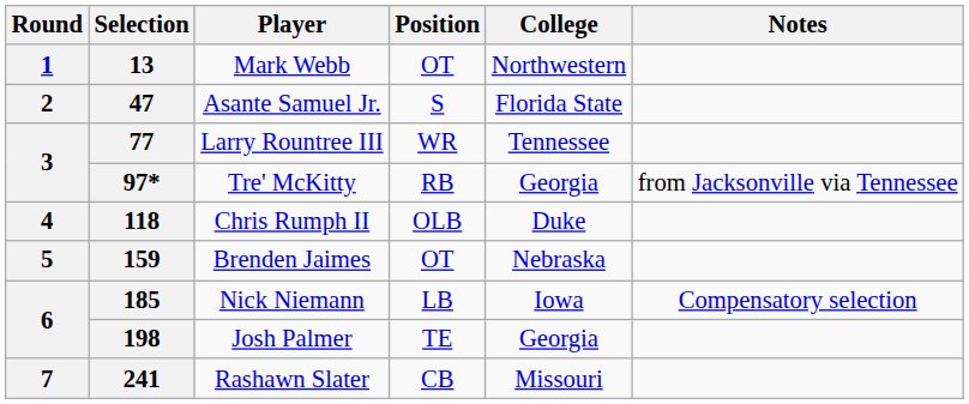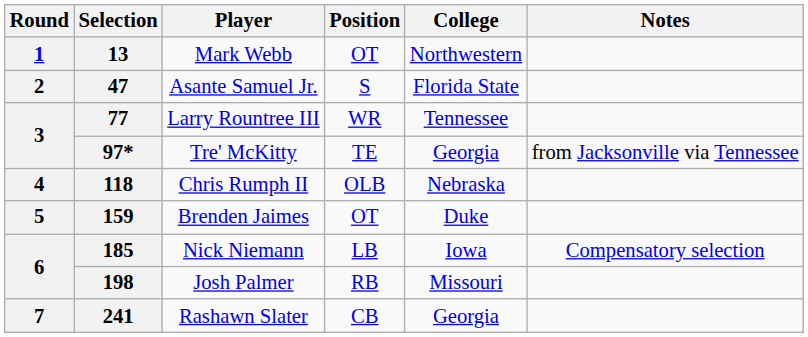 <table class="wikitable" style="text-align:center">
 <tr>
 <th>Round</th>
 <th>Selection</th>
 <th>Player</th>
 <th>Position</th>
 <th>College</th>
 <th>Notes</th>
 </tr>
 <tr>
 <th><a href='#'>1</a></th>
 <th>13</th>
 <td><a href='#'>Mark Webb</a></td>
 <td><a href='#'>OT</a></td>
 <td><a href='#'>Northwestern</a></td>
 <td></td>
 </tr>
 <tr>
 <th>2</th>
 <th>47</th>
 <td><a href='#'>Asante Samuel Jr.</a></td>
 <td><a href='#'>S</a></td>
 <td><a href='#'>Florida State</a></td>
 <td></td>
 </tr>
 <tr>
 <th rowspan=2>3</th>
 <th>77</th>
 <td><a href='#'>Larry Rountree III</a></td>
 <td><a href='#'>WR</a></td>
 <td><a href='#'>Tennessee</a></td>
 <td></td>
 </tr>
 <tr>
 <th>97*</th>
 <td><a href='#'>Tre' McKitty</a></td>
-<td><a href='#'>RB</a></td>
+<td><a href='#'>TE</a></td>
 <td><a href='#'>Georgia</a></td>
 <td>from <a href='#'>Jacksonville</a> via <a href='#'>Tennessee</a></td>
 </tr>
 <tr>
 <th>4</th>
 <th>118</th>
 <td><a href='#'>Chris Rumph II</a></td>
 <td><a href='#'>OLB</a></td>
-<td><a href='#'>Duke</a></td>
+<td><a href='#'>Nebraska</a></td>
 <td></td>
 </tr>
 <tr>
 <th>5</th>
 <th>159</th>
 <td><a href='#'>Brenden Jaimes</a></td>
 <td><a href='#'>OT</a></td>
-<td><a href='#'>Nebraska</a></td>
+<td><a href='#'>Duke</a></td>
 <td></td>
 </tr>
 <tr>
 <th rowspan=2>6</th>
 <th>185</th>
 <td><a href='#'>Nick Niemann</a></td>
 <td><a href='#'>LB</a></td>
 <td><a href='#'>Iowa</a></td>
 <td><a href='#'>Compensatory selection</a></td>
 </tr>
 <tr>
 <th>198</th>
 <td><a href='#'>Josh Palmer</a></td>
-<td><a href='#'>TE</a></td>
-<td><a href='#'>Georgia</a></td>
+<td><a href='#'>RB</a></td>
+<td><a href='#'>Missouri</a></td>
 <td></td>
 </tr>
 <tr>
 <th>7</th>
 <th>241</th>
 <td><a href='#'>Rashawn Slater</a></td>
 <td><a href='#'>CB</a></td>
-<td><a href='#'>Missouri</a></td>
+<td><a href='#'>Georgia</a></td>
 <td></td>
 </tr>
 </table>
